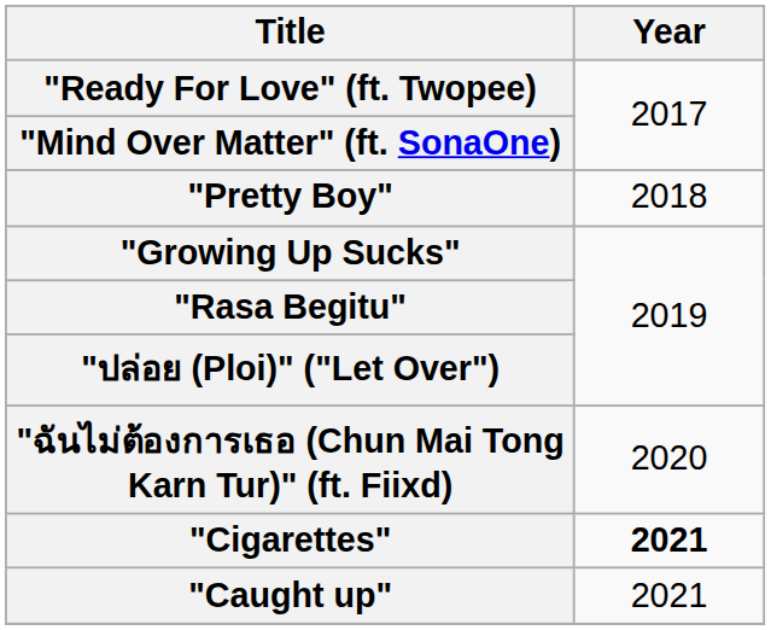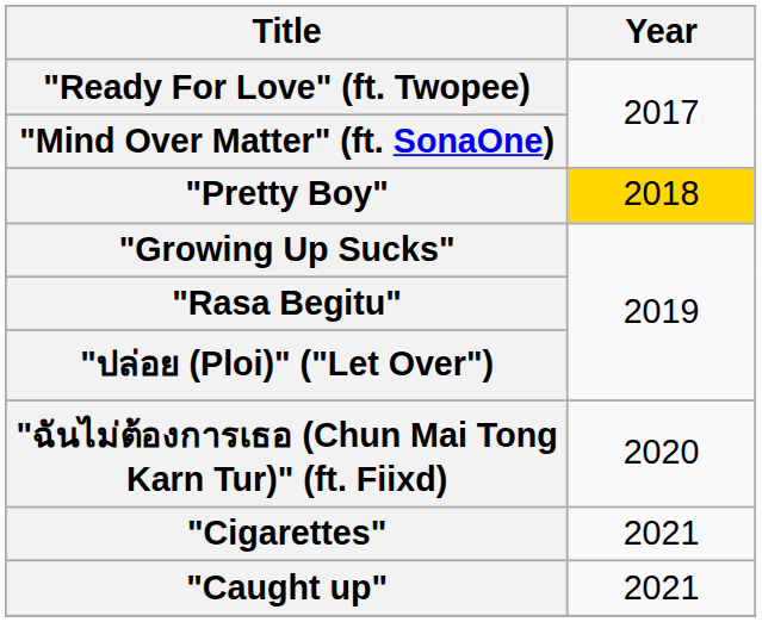 <table class="wikitable plainrowheaders" style="text-align:center;" border="1">
 <tr>
 <th scope="col" style="width:16em;">Title</th>
 <th scope="col" style="width:5em;">Year</th>
 </tr>
 <tr>
 <th scope="row">"Ready For Love" (ft. Twopee)</th>
 <td rowspan="2">2017</td>
 </tr>
 <tr>
 <th scope="row">"Mind Over Matter" (ft. <a href='#'>SonaOne</a>)</th>
 </tr>
 <tr>
 <th scope="row">"Pretty Boy"</th>
-<td>2018</td>
+<td style="background: gold;">2018</td>
 </tr>
 <tr>
 <th scope="row">"Growing Up Sucks"</th>
 <td rowspan="3">2019</td>
 </tr>
 <tr>
 <th scope="row">"Rasa Begitu"</th>
 </tr>
 <tr>
 <th scope="row">"ปล่อย (Ploi)" ("Let Over")</th>
 </tr>
 <tr>
 <th scope="row">"ฉันไม่ต้องการเธอ (Chun Mai Tong Karn Tur)" (ft. Fiixd)</th>
 <td>2020</td>
 </tr>
 <tr>
 <th scope="row">"Cigarettes"</th>
-<td><strong>2021</strong></td>
+<td>2021</td>
 </tr>
 <tr>
 <th scope="row">"Caught up"</th>
 <td>2021</td>
 </tr>
 <tr>
 </tr>
 </table>
